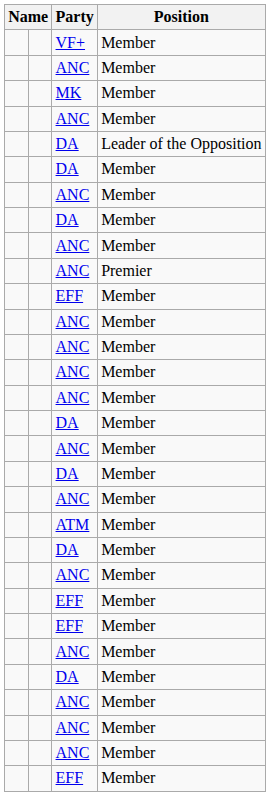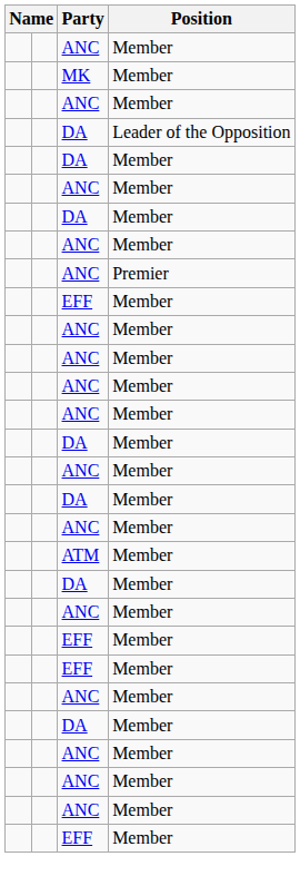 <table class="wikitable sortable">
 <tr>
 <th colspan=2>Name</th>
 <th>Party</th>
 <th>Position</th>
-</tr>
-<tr>
-<td style="background-color: "></td>
-<td></td>
-<td><a href='#'>VF+</a></td>
-<td>Member</td>
 </tr>
 <tr>
 <td style="background-color: "></td>
 <td></td>
 <td><a href='#'>ANC</a></td>
 <td>Member</td>
 </tr>
 <tr>
 <td style="background-color: "></td>
 <td></td>
 <td><a href='#'>MK</a></td>
 <td>Member</td>
 </tr>
 <tr>
 <td style="background-color: "></td>
 <td></td>
 <td><a href='#'>ANC</a></td>
 <td>Member</td>
 </tr>
 <tr>
 <td style="background-color: "></td>
 <td></td>
 <td><a href='#'>DA</a></td>
 <td>Leader of the Opposition</td>
 </tr>
 <tr>
 <td style="background-color: "></td>
 <td></td>
 <td><a href='#'>DA</a></td>
 <td>Member</td>
 </tr>
 <tr>
 <td style="background-color: "></td>
 <td></td>
 <td><a href='#'>ANC</a></td>
 <td>Member</td>
 </tr>
 <tr>
 <td style="background-color: "></td>
 <td></td>
 <td><a href='#'>DA</a></td>
 <td>Member</td>
 </tr>
 <tr>
 <td style="background-color: "></td>
 <td></td>
 <td><a href='#'>ANC</a></td>
 <td>Member</td>
 </tr>
 <tr>
 <td style="background-color: "></td>
 <td></td>
 <td><a href='#'>ANC</a></td>
 <td>Premier</td>
 </tr>
 <tr>
 <td style="background-color: "></td>
 <td></td>
 <td><a href='#'>EFF</a></td>
 <td>Member</td>
 </tr>
 <tr>
 <td style="background-color: "></td>
 <td></td>
 <td><a href='#'>ANC</a></td>
 <td>Member</td>
 </tr>
 <tr>
 <td style="background-color: "></td>
 <td></td>
 <td><a href='#'>ANC</a></td>
 <td>Member</td>
 </tr>
 <tr>
 <td style="background-color: "></td>
 <td></td>
 <td><a href='#'>ANC</a></td>
 <td>Member</td>
 </tr>
 <tr>
 <td style="background-color: "></td>
 <td></td>
 <td><a href='#'>ANC</a></td>
 <td>Member</td>
 </tr>
 <tr>
 <td style="background-color: "></td>
 <td></td>
 <td><a href='#'>DA</a></td>
 <td>Member</td>
 </tr>
 <tr>
 <td style="background-color: "></td>
 <td></td>
 <td><a href='#'>ANC</a></td>
 <td>Member</td>
 </tr>
 <tr>
 <td style="background-color: "></td>
 <td></td>
 <td><a href='#'>DA</a></td>
 <td>Member</td>
 </tr>
 <tr>
 <td style="background-color: "></td>
 <td></td>
 <td><a href='#'>ANC</a></td>
 <td>Member</td>
 </tr>
 <tr>
 <td style="background-color: "></td>
 <td></td>
 <td><a href='#'>ATM</a></td>
 <td>Member</td>
 </tr>
 <tr>
 <td style="background-color: "></td>
 <td></td>
 <td><a href='#'>DA</a></td>
 <td>Member</td>
 </tr>
 <tr>
 <td style="background-color: "></td>
 <td></td>
 <td><a href='#'>ANC</a></td>
 <td>Member</td>
 </tr>
 <tr>
 <td style="background-color: "></td>
 <td></td>
 <td><a href='#'>EFF</a></td>
 <td>Member</td>
 </tr>
 <tr>
 <td style="background-color: "></td>
 <td></td>
 <td><a href='#'>EFF</a></td>
 <td>Member</td>
 </tr>
 <tr>
 <td style="background-color: "></td>
 <td></td>
 <td><a href='#'>ANC</a></td>
 <td>Member</td>
 </tr>
 <tr>
 <td style="background-color: "></td>
 <td></td>
 <td><a href='#'>DA</a></td>
 <td>Member</td>
 </tr>
 <tr>
 <td style="background-color: "></td>
 <td></td>
 <td><a href='#'>ANC</a></td>
 <td>Member</td>
 </tr>
 <tr>
 <td style="background-color: "></td>
 <td></td>
 <td><a href='#'>ANC</a></td>
 <td>Member</td>
 </tr>
 <tr>
 <td style="background-color: "></td>
 <td></td>
 <td><a href='#'>ANC</a></td>
 <td>Member</td>
 </tr>
 <tr>
 <td style="background-color: "></td>
 <td></td>
 <td><a href='#'>EFF</a></td>
 <td>Member</td>
 </tr>
 <tr>
 </tr>
 </table>
